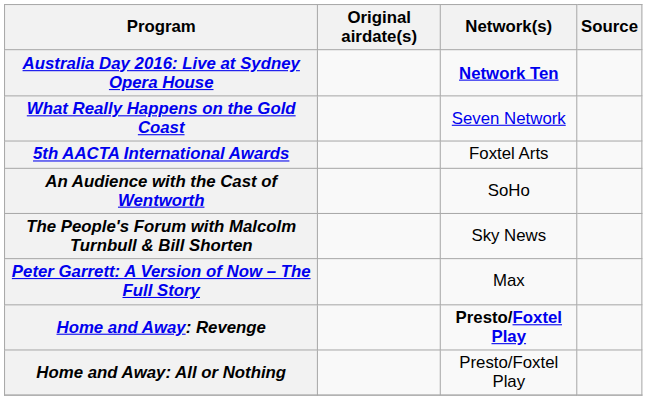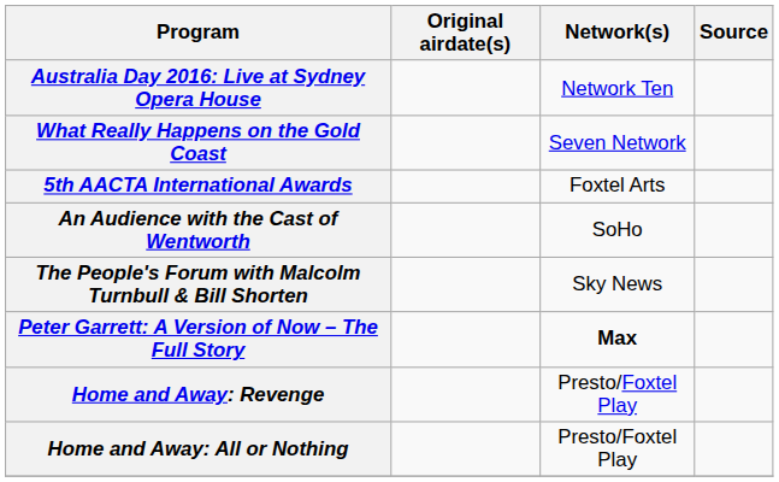 <table class="wikitable plainrowheaders sortable" style="text-align:center">
 <tr>
 <th scope="col">Program</th>
 <th scope="col">Original airdate(s)</th>
 <th scope="col">Network(s)</th>
 <th scope="col" class="unsortable">Source</th>
 </tr>
 <tr>
 <th scope="row"><em><a href='#'>Australia Day 2016: Live at Sydney Opera House</a></em></th>
 <td></td>
-<td><strong><a href='#'>Network Ten</a></strong></td>
+<td><a href='#'>Network Ten</a></td>
 <td></td>
 </tr>
 <tr>
 <th scope="row"><em><a href='#'>What Really Happens on the Gold Coast</a></em></th>
 <td></td>
 <td><a href='#'>Seven Network</a></td>
 <td></td>
 </tr>
 <tr>
 <th scope="row"><em><a href='#'>5th AACTA International Awards</a></em></th>
 <td></td>
 <td>Foxtel Arts</td>
 <td></td>
 </tr>
 <tr>
 <th scope="row"><em>An Audience with the Cast of <a href='#'>Wentworth</a></em></th>
 <td></td>
 <td>SoHo</td>
 <td></td>
 </tr>
 <tr>
 <th scope="row"><em>The People's Forum with Malcolm Turnbull & Bill Shorten</em></th>
 <td></td>
 <td>Sky News</td>
 <td></td>
 </tr>
 <tr>
 <th scope="row"><em><a href='#'>Peter Garrett: A Version of Now – The Full Story</a></em></th>
 <td></td>
-<td>Max</td>
+<td><strong>Max</strong></td>
 <td></td>
 </tr>
 <tr>
 <th scope="row"><em><a href='#'>Home and Away</a>: Revenge</em></th>
 <td></td>
-<td><strong>Presto/<a href='#'>Foxtel Play</a></strong></td>
+<td>Presto/<a href='#'>Foxtel Play</a></td>
 <td></td>
 </tr>
 <tr>
 <th scope="row"><em>Home and Away: All or Nothing</em></th>
 <td></td>
 <td>Presto/Foxtel Play</td>
 <td></td>
 </tr>
 <tr>
 </tr>
 </table>
